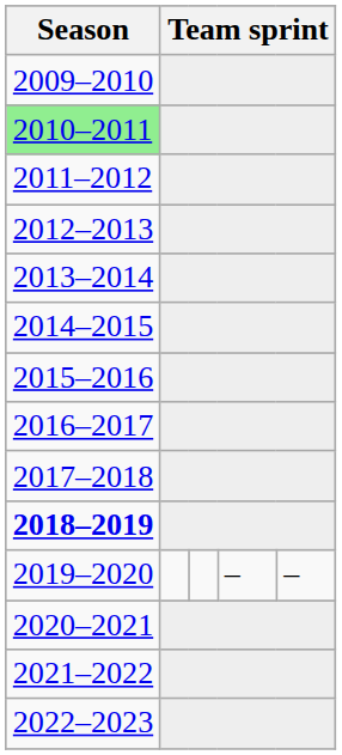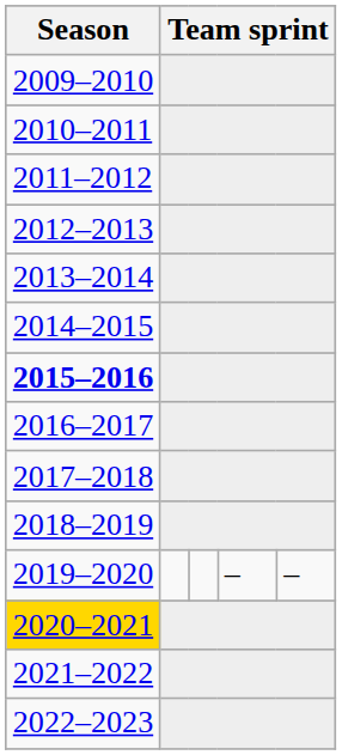 <table class="wikitable" style="display: inline-table;">
 <tr>
 <th>Season</th>
 <th colspan="4">Team sprint</th>
 </tr>
 <tr>
 <td><a href='#'>2009–2010</a></td>
 <td colspan="4" bgcolor=#EEEEEE></td>
 </tr>
 <tr>
-<td style="background: lightgreen;"><a href='#'>2010–2011</a></td>
+<td><a href='#'>2010–2011</a></td>
 <td colspan="4" bgcolor=#EEEEEE></td>
 </tr>
 <tr>
 <td><a href='#'>2011–2012</a></td>
 <td colspan="4" bgcolor=#EEEEEE></td>
 </tr>
 <tr>
 <td><a href='#'>2012–2013</a></td>
 <td colspan="4" bgcolor=#EEEEEE></td>
 </tr>
 <tr>
 <td><a href='#'>2013–2014</a></td>
 <td colspan="4" bgcolor=#EEEEEE></td>
 </tr>
 <tr>
 <td><a href='#'>2014–2015</a></td>
 <td colspan="4" bgcolor=#EEEEEE></td>
 </tr>
 <tr>
-<td><a href='#'>2015–2016</a></td>
+<td><strong><a href='#'>2015–2016</a></strong></td>
 <td colspan="4" bgcolor=#EEEEEE></td>
 </tr>
 <tr>
 <td><a href='#'>2016–2017</a></td>
 <td colspan="4" bgcolor=#EEEEEE></td>
 </tr>
 <tr>
 <td><a href='#'>2017–2018</a></td>
 <td colspan="4" bgcolor=#EEEEEE></td>
 </tr>
 <tr>
-<td><strong><a href='#'>2018–2019</a></strong></td>
+<td><a href='#'>2018–2019</a></td>
 <td colspan="4" bgcolor=#EEEEEE></td>
 </tr>
 <tr>
 <td><a href='#'>2019–2020</a></td>
 <td></td>
 <td></td>
 <td>–</td>
 <td>–</td>
 </tr>
 <tr>
-<td><a href='#'>2020–2021</a></td>
+<td style="background: gold;"><a href='#'>2020–2021</a></td>
 <td colspan="4" bgcolor=#EEEEEE></td>
 </tr>
 <tr>
 <td><a href='#'>2021–2022</a></td>
 <td colspan="4" bgcolor=#EEEEEE></td>
 </tr>
 <tr>
 <td><a href='#'>2022–2023</a></td>
 <td colspan="4" bgcolor=#EEEEEE></td>
 </tr>
 </table>
